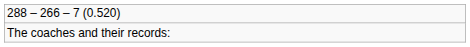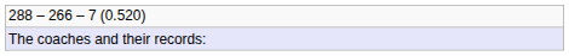 <table class="wikitable" style="width:100%">
 <tr>
 <td>288 – 266 – 7 (0.520)</td>
 </tr>
 <tr>
-<td>The coaches and their records:<br></td>
+<td style="background: lavender;">The coaches and their records:<br></td>
 </tr>
 </table>
